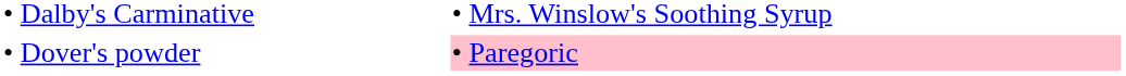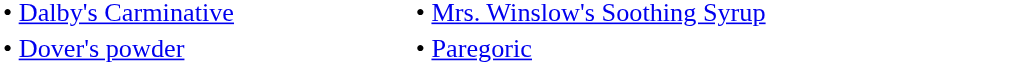 <table style="width: 50%; border: none; text-align: left;">
 <tr>
 <td>• <a href='#'>Dalby's Carminative</a></td>
 <td>• <a href='#'>Mrs. Winslow's Soothing Syrup</a></td>
 </tr>
 <tr>
 <td>• <a href='#'>Dover's powder</a></td>
-<td style="background: pink;">• <a href='#'>Paregoric</a></td>
+<td>• <a href='#'>Paregoric</a></td>
 </tr>
 </table>
